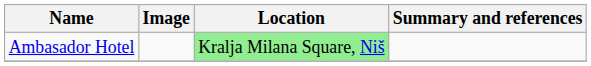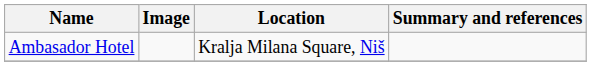 <table class="wikitable">
 <tr>
 <th>Name</th>
 <th>Image</th>
 <th>Location</th>
 <th>Summary and references</th>
 </tr>
 <tr>
 <td><a href='#'>Ambasador Hotel</a></td>
 <td></td>
-<td style="background: lightgreen;">Kralja Milana Square, <a href='#'>Niš</a></td>
+<td>Kralja Milana Square, <a href='#'>Niš</a></td>
 <td></td>
 </tr>
 <tr>
 </tr>
 </table>
